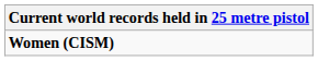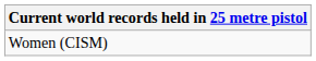 <table class="wikitable" style="font-size: 95%">
 <tr>
 <th colspan=9>Current world records held in <a href='#'>25 metre pistol</a></th>
 </tr>
 <tr>
-<td><strong>Women (CISM)<br></strong></td>
+<td>Women (CISM)<br></td>
 </tr>
 </table>
